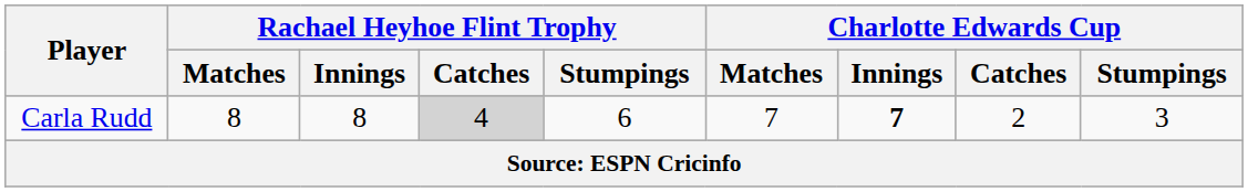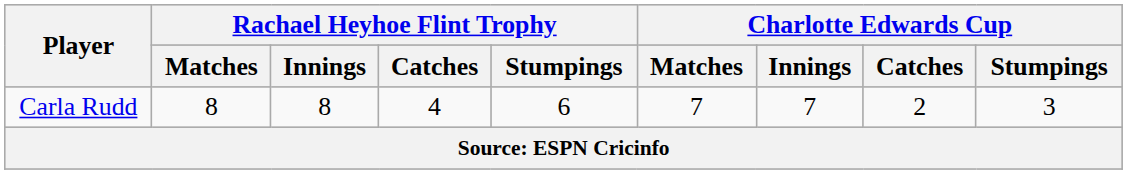 <table class="wikitable" style="text-align:center; width:55%;">
 <tr>
 <th rowspan=2>Player</th>
 <th colspan=4><a href='#'>Rachael Heyhoe Flint Trophy</a></th>
 <th colspan=4><a href='#'>Charlotte Edwards Cup</a></th>
 </tr>
 <tr>
 <th>Matches</th>
 <th>Innings</th>
 <th>Catches</th>
 <th>Stumpings</th>
 <th>Matches</th>
 <th>Innings</th>
 <th>Catches</th>
 <th>Stumpings</th>
 </tr>
 <tr>
 <td><a href='#'>Carla Rudd</a></td>
 <td>8</td>
 <td>8</td>
-<td style="background: lightgrey;">4</td>
+<td>4</td>
 <td>6</td>
 <td>7</td>
-<td><strong>7</strong></td>
+<td>7</td>
 <td>2</td>
 <td>3</td>
 </tr>
 <tr>
 <th colspan="9"><small>Source: ESPN Cricinfo</small></th>
 </tr>
 </table>
